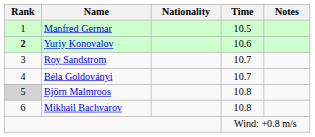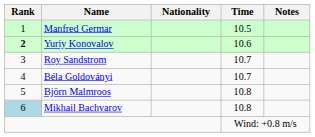 <table class="wikitable sortable" style="text-align:center;width: 55%">
 <tr>
 <th>Rank</th>
 <th>Name</th>
 <th>Nationality</th>
 <th>Time</th>
 <th>Notes</th>
 </tr>
 <tr bgcolor=ccffcc>
 <td>1</td>
 <td align=left><a href='#'>Manfred Germar</a></td>
 <td align=left></td>
 <td>10.5</td>
 <td></td>
 </tr>
 <tr bgcolor=ccffcc>
 <td><strong>2</strong></td>
 <td align=left><a href='#'>Yuriy Konovalov</a></td>
 <td align=left></td>
 <td>10.6</td>
 <td></td>
 </tr>
 <tr>
 <td>3</td>
 <td align=left><a href='#'>Roy Sandstrom</a></td>
 <td align=left></td>
 <td>10.7</td>
 <td></td>
 </tr>
 <tr>
 <td>4</td>
 <td align=left><a href='#'>Béla Goldoványi</a></td>
 <td align=left></td>
 <td>10.7</td>
 <td></td>
 </tr>
 <tr>
-<td style="background: lightgrey;">5</td>
+<td>5</td>
 <td align=left><a href='#'>Björn Malmroos</a></td>
 <td align=left></td>
 <td>10.8</td>
 <td></td>
 </tr>
 <tr>
-<td>6</td>
+<td style="background: lightblue;">6</td>
 <td align=left><a href='#'>Mikhail Bachvarov</a></td>
 <td align=left></td>
 <td>10.8</td>
 <td></td>
 </tr>
 <tr>
 <td colspan="3"></td>
 <td colspan="2">Wind: +0.8 m/s</td>
 </tr>
 </table>
